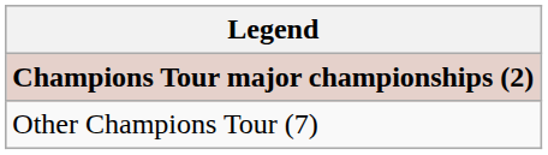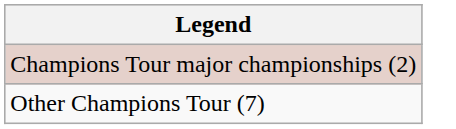 <table class="wikitable" style="font-size:95%;">
 <tr>
 <th>Legend</th>
 </tr>
 <tr style="background:#e5d1cb;">
-<td><strong>Champions Tour major championships (2)</strong></td>
+<td>Champions Tour major championships (2)</td>
 </tr>
 <tr>
 <td>Other Champions Tour (7)</td>
 </tr>
 </table>
